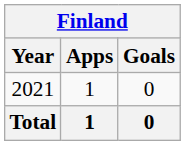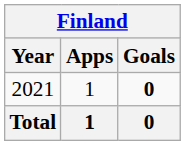 <table class=wikitable style=text-align:center>
 <tr>
 <th colspan=3><a href='#'>Finland</a></th>
 </tr>
 <tr>
 <th>Year</th>
 <th>Apps</th>
 <th>Goals</th>
 </tr>
 <tr>
 <td>2021</td>
 <td>1</td>
-<td>0</td>
+<td><strong>0</strong></td>
 </tr>
 <tr>
 <th colspan=1>Total</th>
 <th>1</th>
 <th>0</th>
 </tr>
 </table>
